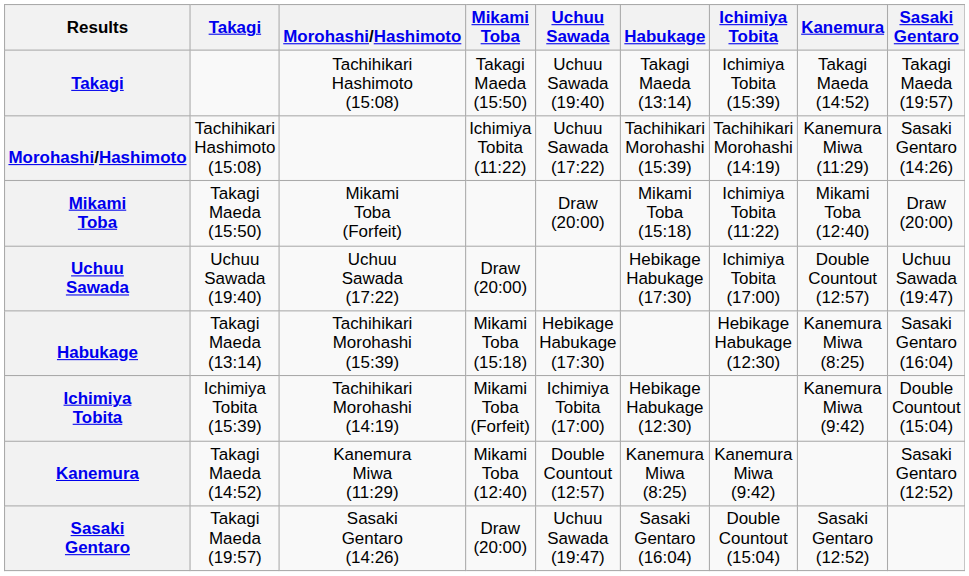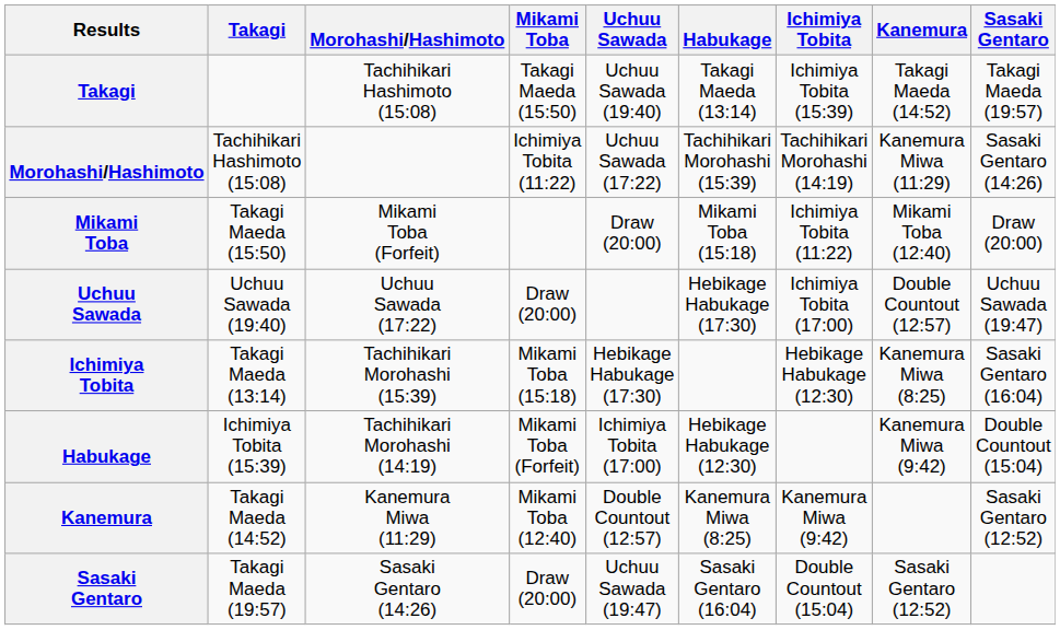 <table class="wikitable" style="text-align:center; margin: 1em auto 1em auto">
 <tr align="center">
 <th>Results</th>
 <th><a href='#'>Takagi</a><br></th>
 <th><br><a href='#'>Morohashi</a>/<a href='#'>Hashimoto</a></th>
 <th><a href='#'>Mikami</a><br><a href='#'>Toba</a></th>
 <th><a href='#'>Uchuu</a><br><a href='#'>Sawada</a></th>
 <th><br><a href='#'>Habukage</a></th>
 <th><a href='#'>Ichimiya</a><br><a href='#'>Tobita</a></th>
 <th><a href='#'>Kanemura</a><br></th>
 <th><a href='#'>Sasaki</a><br><a href='#'>Gentaro</a></th>
 </tr>
 <tr align="center">
 <th><a href='#'>Takagi</a><br></th>
 <td></td>
 <td>Tachihikari<br>Hashimoto<br>(15:08)</td>
 <td>Takagi<br>Maeda<br>(15:50)</td>
 <td>Uchuu<br>Sawada<br>(19:40)</td>
 <td>Takagi<br>Maeda<br>(13:14)</td>
 <td>Ichimiya<br>Tobita<br>(15:39)</td>
 <td>Takagi<br>Maeda<br>(14:52)</td>
 <td>Takagi<br>Maeda<br>(19:57)</td>
 </tr>
 <tr align="center">
 <th><br><a href='#'>Morohashi</a>/<a href='#'>Hashimoto</a></th>
 <td>Tachihikari<br>Hashimoto<br>(15:08)</td>
 <td></td>
 <td>Ichimiya<br>Tobita<br>(11:22)</td>
 <td>Uchuu<br>Sawada<br>(17:22)</td>
 <td>Tachihikari<br>Morohashi<br>(15:39)</td>
 <td>Tachihikari<br>Morohashi<br>(14:19)</td>
 <td>Kanemura<br>Miwa<br>(11:29)</td>
 <td>Sasaki<br>Gentaro<br>(14:26)</td>
 </tr>
 <tr align="center">
 <th><a href='#'>Mikami</a><br><a href='#'>Toba</a></th>
 <td>Takagi<br>Maeda<br>(15:50)</td>
 <td>Mikami<br>Toba<br>(Forfeit)</td>
 <td></td>
 <td>Draw<br>(20:00)</td>
 <td>Mikami<br>Toba<br>(15:18)</td>
 <td>Ichimiya<br>Tobita<br>(11:22)</td>
 <td>Mikami<br>Toba<br>(12:40)</td>
 <td>Draw<br>(20:00)</td>
 </tr>
 <tr align="center">
 <th><a href='#'>Uchuu</a><br><a href='#'>Sawada</a></th>
 <td>Uchuu<br>Sawada<br>(19:40)</td>
 <td>Uchuu<br>Sawada<br>(17:22)</td>
 <td>Draw<br>(20:00)</td>
 <td></td>
 <td>Hebikage<br>Habukage<br>(17:30)</td>
 <td>Ichimiya<br>Tobita<br>(17:00)</td>
 <td>Double<br>Countout<br>(12:57)</td>
 <td>Uchuu<br>Sawada<br>(19:47)</td>
 </tr>
 <tr align="center">
-<th><br><a href='#'>Habukage</a></th>
+<th><a href='#'>Ichimiya</a><br><a href='#'>Tobita</a></th>
 <td>Takagi<br>Maeda<br>(13:14)</td>
 <td>Tachihikari<br>Morohashi<br>(15:39)</td>
 <td>Mikami<br>Toba<br>(15:18)</td>
 <td>Hebikage<br>Habukage<br>(17:30)</td>
 <td></td>
 <td>Hebikage<br>Habukage<br>(12:30)</td>
 <td>Kanemura<br>Miwa<br>(8:25)</td>
 <td>Sasaki<br>Gentaro<br>(16:04)</td>
 </tr>
 <tr align="center">
-<th><a href='#'>Ichimiya</a><br><a href='#'>Tobita</a></th>
+<th><br><a href='#'>Habukage</a></th>
 <td>Ichimiya<br>Tobita<br>(15:39)</td>
 <td>Tachihikari<br>Morohashi<br>(14:19)</td>
 <td>Mikami<br>Toba<br>(Forfeit)</td>
 <td>Ichimiya<br>Tobita<br>(17:00)</td>
 <td>Hebikage<br>Habukage<br>(12:30)</td>
 <td></td>
 <td>Kanemura<br>Miwa<br>(9:42)</td>
 <td>Double<br>Countout<br>(15:04)</td>
 </tr>
 <tr align="center">
 <th><a href='#'>Kanemura</a><br></th>
 <td>Takagi<br>Maeda<br>(14:52)</td>
 <td>Kanemura<br>Miwa<br>(11:29)</td>
 <td>Mikami<br>Toba<br>(12:40)</td>
 <td>Double<br>Countout<br>(12:57)</td>
 <td>Kanemura<br>Miwa<br>(8:25)</td>
 <td>Kanemura<br>Miwa<br>(9:42)</td>
 <td></td>
 <td>Sasaki<br>Gentaro<br>(12:52)</td>
 </tr>
 <tr align="center">
 <th><a href='#'>Sasaki</a><br><a href='#'>Gentaro</a></th>
 <td>Takagi<br>Maeda<br>(19:57)</td>
 <td>Sasaki<br>Gentaro<br>(14:26)</td>
 <td>Draw<br>(20:00)</td>
 <td>Uchuu<br>Sawada<br>(19:47)</td>
 <td>Sasaki<br>Gentaro<br>(16:04)</td>
 <td>Double<br>Countout<br>(15:04)</td>
 <td>Sasaki<br>Gentaro<br>(12:52)</td>
 <td></td>
 </tr>
 </table>
